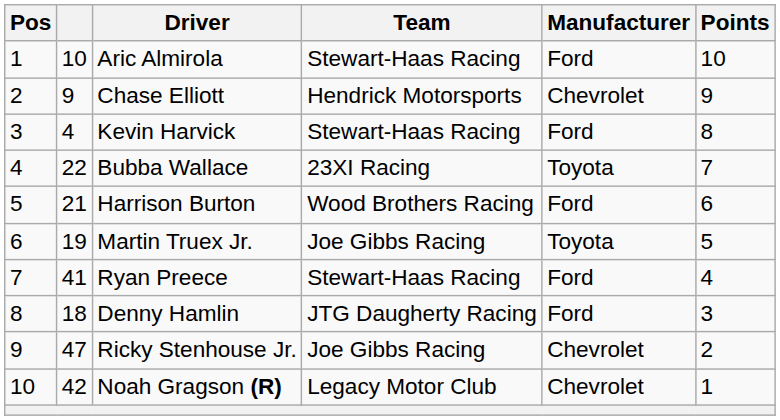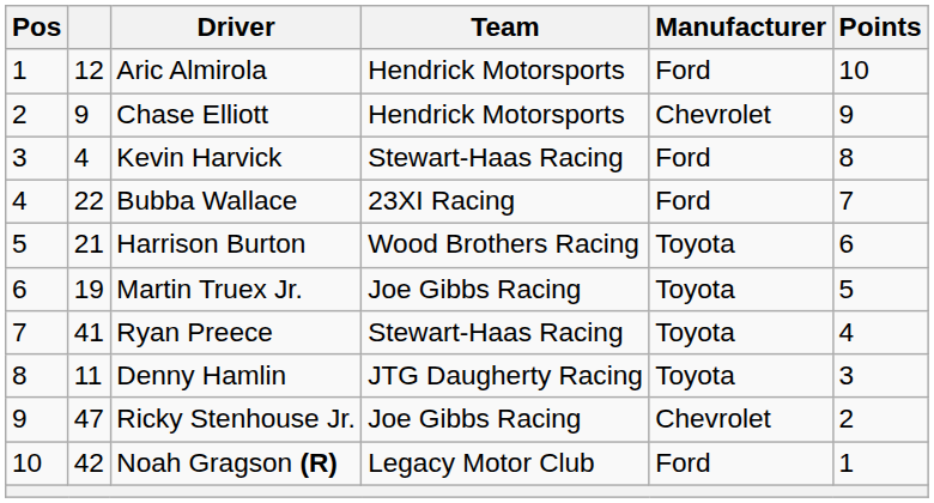 <table class="wikitable" style="font-size:98%">
 <tr>
 <th>Pos</th>
 <th></th>
 <th>Driver</th>
 <th>Team</th>
 <th>Manufacturer</th>
 <th>Points</th>
 </tr>
 <tr>
 <td>1</td>
-<td>10</td>
+<td>12</td>
 <td>Aric Almirola</td>
-<td>Stewart-Haas Racing</td>
+<td>Hendrick Motorsports</td>
 <td>Ford</td>
 <td>10</td>
 </tr>
 <tr>
 <td>2</td>
 <td>9</td>
 <td>Chase Elliott</td>
 <td>Hendrick Motorsports</td>
 <td>Chevrolet</td>
 <td>9</td>
 </tr>
 <tr>
 <td>3</td>
 <td>4</td>
 <td>Kevin Harvick</td>
 <td>Stewart-Haas Racing</td>
 <td>Ford</td>
 <td>8</td>
 </tr>
 <tr>
 <td>4</td>
 <td>22</td>
 <td>Bubba Wallace</td>
 <td>23XI Racing</td>
-<td>Toyota</td>
+<td>Ford</td>
 <td>7</td>
 </tr>
 <tr>
 <td>5</td>
 <td>21</td>
 <td>Harrison Burton</td>
 <td>Wood Brothers Racing</td>
-<td>Ford</td>
+<td>Toyota</td>
 <td>6</td>
 </tr>
 <tr>
 <td>6</td>
 <td>19</td>
 <td>Martin Truex Jr.</td>
 <td>Joe Gibbs Racing</td>
 <td>Toyota</td>
 <td>5</td>
 </tr>
 <tr>
 <td>7</td>
 <td>41</td>
 <td>Ryan Preece</td>
 <td>Stewart-Haas Racing</td>
-<td>Ford</td>
+<td>Toyota</td>
 <td>4</td>
 </tr>
 <tr>
 <td>8</td>
-<td>18</td>
+<td>11</td>
 <td>Denny Hamlin</td>
 <td>JTG Daugherty Racing</td>
-<td>Ford</td>
+<td>Toyota</td>
 <td>3</td>
 </tr>
 <tr>
 <td>9</td>
 <td>47</td>
 <td>Ricky Stenhouse Jr.</td>
 <td>Joe Gibbs Racing</td>
 <td>Chevrolet</td>
 <td>2</td>
 </tr>
 <tr>
 <td>10</td>
 <td>42</td>
 <td>Noah Gragson <strong>(R)</strong></td>
 <td>Legacy Motor Club</td>
-<td>Chevrolet</td>
+<td>Ford</td>
 <td>1</td>
 </tr>
 <tr>
 <th colspan="6"></th>
 </tr>
 </table>
